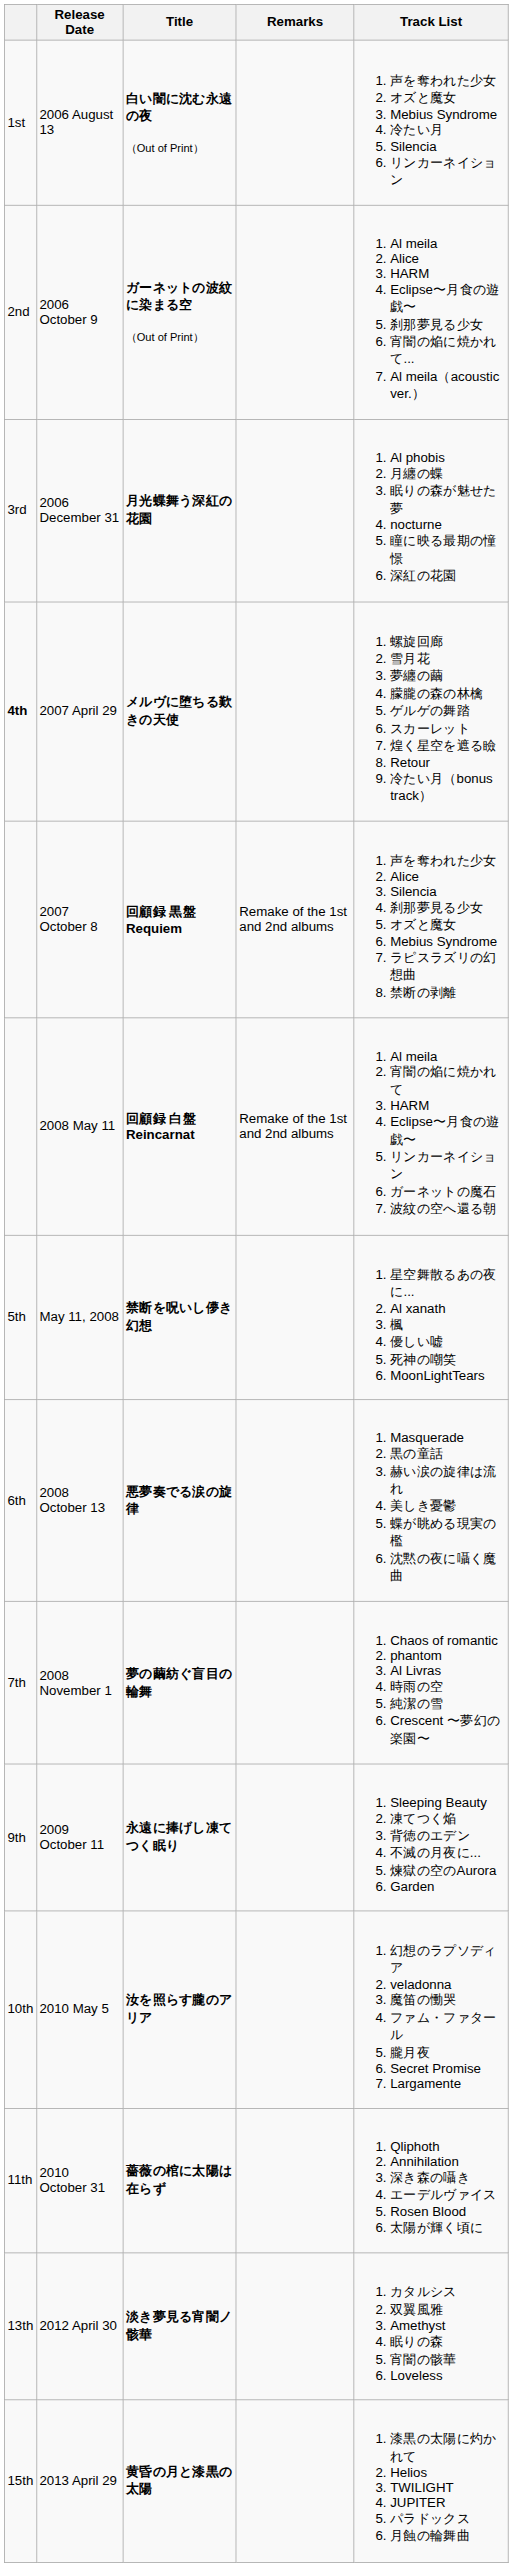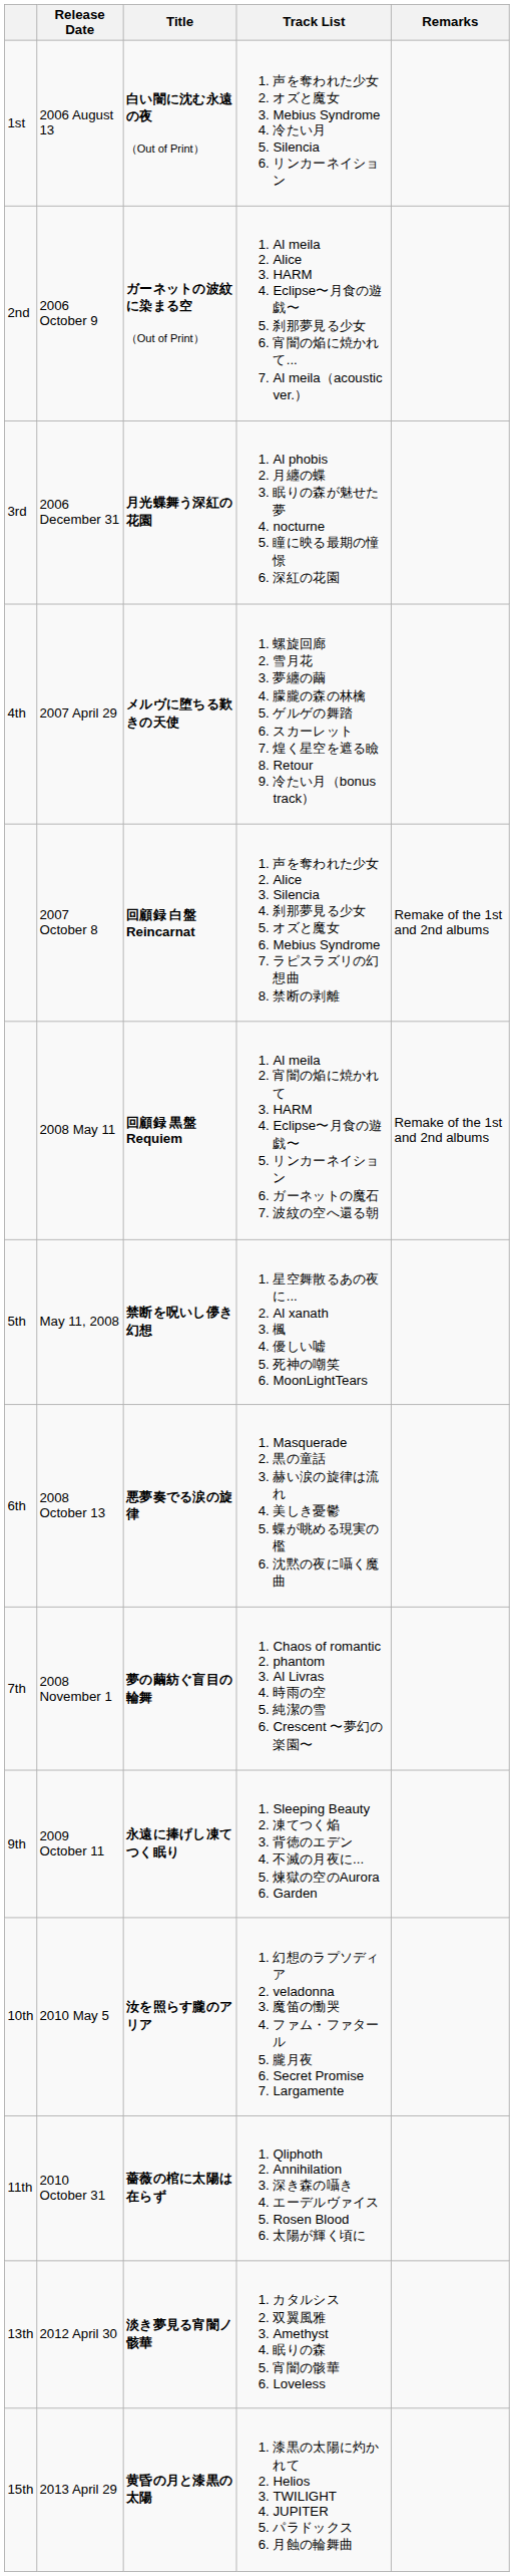 <table class=wikitable>
 <tr>
 <th></th>
 <th>Release Date</th>
 <th>Title</th>
+<th>Track List</th>
 <th>Remarks</th>
-<th>Track List</th>
 </tr>
 <tr>
 <td>1st</td>
 <td>2006 August 13</td>
 <td><strong>白い闇に沈む永遠の夜</strong><br><br><small>（Out of Print）</small></td>
+<td><br><ol><li>声を奪われた少女</li><li>オズと魔女</li><li>Mebius Syndrome</li><li>冷たい月</li><li>Silencia</li><li>リンカーネイション</li></ol></td>
 <td></td>
-<td><br><ol><li>声を奪われた少女</li><li>オズと魔女</li><li>Mebius Syndrome</li><li>冷たい月</li><li>Silencia</li><li>リンカーネイション</li></ol></td>
 </tr>
 <tr>
 <td>2nd</td>
 <td>2006 October 9</td>
 <td><strong>ガーネットの波紋に染まる空</strong><br><br><small>（Out of Print）</small></td>
+<td><br><ol><li>Al meila</li><li>Alice</li><li>HARM</li><li>Eclipse〜月食の遊戯〜</li><li>刹那夢見る少女</li><li>宵闇の焔に焼かれて...</li><li>Al meila（acoustic ver.）</li></ol></td>
 <td></td>
-<td><br><ol><li>Al meila</li><li>Alice</li><li>HARM</li><li>Eclipse〜月食の遊戯〜</li><li>刹那夢見る少女</li><li>宵闇の焔に焼かれて...</li><li>Al meila（acoustic ver.）</li></ol></td>
 </tr>
 <tr>
 <td>3rd</td>
 <td>2006 December 31</td>
 <td><strong>月光蝶舞う深紅の花園</strong></td>
+<td><br><ol><li>Al phobis</li><li>月纏の蝶</li><li>眠りの森が魅せた夢</li><li>nocturne</li><li>瞳に映る最期の憧憬</li><li>深紅の花園</li></ol></td>
 <td></td>
-<td><br><ol><li>Al phobis</li><li>月纏の蝶</li><li>眠りの森が魅せた夢</li><li>nocturne</li><li>瞳に映る最期の憧憬</li><li>深紅の花園</li></ol></td>
 </tr>
 <tr>
-<td><strong>4th</strong></td>
+<td>4th</td>
 <td>2007 April 29</td>
 <td><strong>メルヴに堕ちる歎きの天使</strong></td>
+<td><br><ol><li>螺旋回廊</li><li>雪月花</li><li>夢纏の繭</li><li>朦朧の森の林檎</li><li>ゲルゲの舞踏</li><li>スカーレット</li><li>煌く星空を遮る瞼</li><li>Retour</li><li>冷たい月（bonus track）</li></ol></td>
 <td></td>
-<td><br><ol><li>螺旋回廊</li><li>雪月花</li><li>夢纏の繭</li><li>朦朧の森の林檎</li><li>ゲルゲの舞踏</li><li>スカーレット</li><li>煌く星空を遮る瞼</li><li>Retour</li><li>冷たい月（bonus track）</li></ol></td>
 </tr>
 <tr>
 <td></td>
 <td>2007 October 8</td>
-<td><strong>回顧録 黒盤 Requiem</strong></td>
+<td><strong>回顧録 白盤 Reincarnat</strong></td>
+<td><br><ol><li>声を奪われた少女</li><li>Alice</li><li>Silencia</li><li>刹那夢見る少女</li><li>オズと魔女</li><li>Mebius Syndrome</li><li>ラピスラズリの幻想曲</li><li>禁断の剥離</li></ol></td>
 <td>Remake of the 1st and 2nd albums</td>
-<td><br><ol><li>声を奪われた少女</li><li>Alice</li><li>Silencia</li><li>刹那夢見る少女</li><li>オズと魔女</li><li>Mebius Syndrome</li><li>ラピスラズリの幻想曲</li><li>禁断の剥離</li></ol></td>
 </tr>
 <tr>
 <td></td>
 <td>2008 May 11</td>
-<td><strong>回顧録 白盤 Reincarnat</strong></td>
+<td><strong>回顧録 黒盤 Requiem</strong></td>
+<td><br><ol><li>Al meila</li><li>宵闇の焔に焼かれて</li><li>HARM</li><li>Eclipse〜月食の遊戯〜</li><li>リンカーネイション</li><li>ガーネットの魔石</li><li>波紋の空へ還る朝</li></ol></td>
 <td>Remake of the 1st and 2nd albums</td>
-<td><br><ol><li>Al meila</li><li>宵闇の焔に焼かれて</li><li>HARM</li><li>Eclipse〜月食の遊戯〜</li><li>リンカーネイション</li><li>ガーネットの魔石</li><li>波紋の空へ還る朝</li></ol></td>
 </tr>
 <tr>
 <td>5th</td>
 <td>May 11, 2008</td>
 <td><strong>禁断を呪いし儚き幻想</strong></td>
+<td><br><ol><li>星空舞散るあの夜に...</li><li>Al xanath</li><li>楓</li><li>優しい嘘</li><li>死神の嘲笑</li><li>MoonLightTears</li></ol></td>
 <td></td>
-<td><br><ol><li>星空舞散るあの夜に...</li><li>Al xanath</li><li>楓</li><li>優しい嘘</li><li>死神の嘲笑</li><li>MoonLightTears</li></ol></td>
 </tr>
 <tr>
 <td>6th</td>
 <td>2008 October 13</td>
 <td><strong>悪夢奏でる涙の旋律</strong></td>
+<td><br><ol><li>Masquerade</li><li>黒の童話</li><li>赫い涙の旋律は流れ</li><li>美しき憂鬱</li><li>蝶が眺める現実の檻</li><li>沈黙の夜に囁く魔曲</li></ol></td>
 <td></td>
-<td><br><ol><li>Masquerade</li><li>黒の童話</li><li>赫い涙の旋律は流れ</li><li>美しき憂鬱</li><li>蝶が眺める現実の檻</li><li>沈黙の夜に囁く魔曲</li></ol></td>
 </tr>
 <tr>
 <td>7th</td>
 <td>2008 November 1</td>
 <td><strong>夢の繭紡ぐ盲目の輪舞</strong></td>
+<td><br><ol><li>Chaos of romantic</li><li>phantom</li><li>Al Livras</li><li>時雨の空</li><li>純潔の雪</li><li>Crescent 〜夢幻の楽園〜</li></ol></td>
 <td></td>
-<td><br><ol><li>Chaos of romantic</li><li>phantom</li><li>Al Livras</li><li>時雨の空</li><li>純潔の雪</li><li>Crescent 〜夢幻の楽園〜</li></ol></td>
 </tr>
 <tr>
 <td>9th</td>
 <td>2009 October 11</td>
 <td><strong>永遠に捧げし凍てつく眠り</strong></td>
+<td><br><ol><li>Sleeping Beauty</li><li>凍てつく焔</li><li>背徳のエデン</li><li>不滅の月夜に...</li><li>煉獄の空のAurora</li><li>Garden</li></ol></td>
 <td></td>
-<td><br><ol><li>Sleeping Beauty</li><li>凍てつく焔</li><li>背徳のエデン</li><li>不滅の月夜に...</li><li>煉獄の空のAurora</li><li>Garden</li></ol></td>
 </tr>
 <tr>
 <td>10th</td>
 <td>2010 May 5</td>
 <td><strong>汝を照らす朧のアリア</strong></td>
+<td><br><ol><li>幻想のラプソディア</li><li>veladonna</li><li>魔笛の慟哭</li><li>ファム・ファタール</li><li>朧月夜</li><li>Secret Promise</li><li>Largamente</li></ol></td>
 <td></td>
-<td><br><ol><li>幻想のラプソディア</li><li>veladonna</li><li>魔笛の慟哭</li><li>ファム・ファタール</li><li>朧月夜</li><li>Secret Promise</li><li>Largamente</li></ol></td>
 </tr>
 <tr>
 <td>11th</td>
 <td>2010 October 31</td>
 <td><strong>薔薇の棺に太陽は在らず</strong></td>
+<td><br><ol><li>Qliphoth</li><li>Annihilation</li><li>深き森の囁き</li><li>エーデルヴァイス</li><li>Rosen Blood</li><li>太陽が輝く頃に</li></ol></td>
 <td></td>
-<td><br><ol><li>Qliphoth</li><li>Annihilation</li><li>深き森の囁き</li><li>エーデルヴァイス</li><li>Rosen Blood</li><li>太陽が輝く頃に</li></ol></td>
 </tr>
 <tr>
 <td>13th</td>
 <td>2012 April 30</td>
 <td><strong>淡き夢見る宵闇ノ骸華</strong></td>
+<td><br><ol><li>カタルシス</li><li>双翼風雅</li><li>Amethyst</li><li>眠りの森</li><li>宵闇の骸華</li><li>Loveless</li></ol></td>
 <td></td>
-<td><br><ol><li>カタルシス</li><li>双翼風雅</li><li>Amethyst</li><li>眠りの森</li><li>宵闇の骸華</li><li>Loveless</li></ol></td>
 </tr>
 <tr>
 <td>15th</td>
 <td>2013 April 29</td>
 <td><strong>黄昏の月と漆黒の太陽</strong></td>
+<td><br><ol><li>漆黒の太陽に灼かれて</li><li>Helios</li><li>TWILIGHT</li><li>JUPITER</li><li>パラドックス</li><li>月蝕の輪舞曲</li></ol></td>
 <td></td>
-<td><br><ol><li>漆黒の太陽に灼かれて</li><li>Helios</li><li>TWILIGHT</li><li>JUPITER</li><li>パラドックス</li><li>月蝕の輪舞曲</li></ol></td>
 </tr>
 </table>
